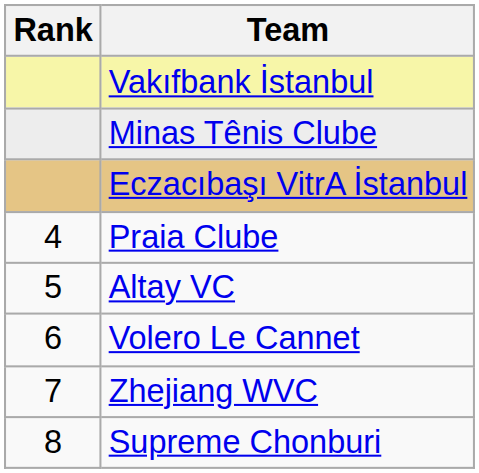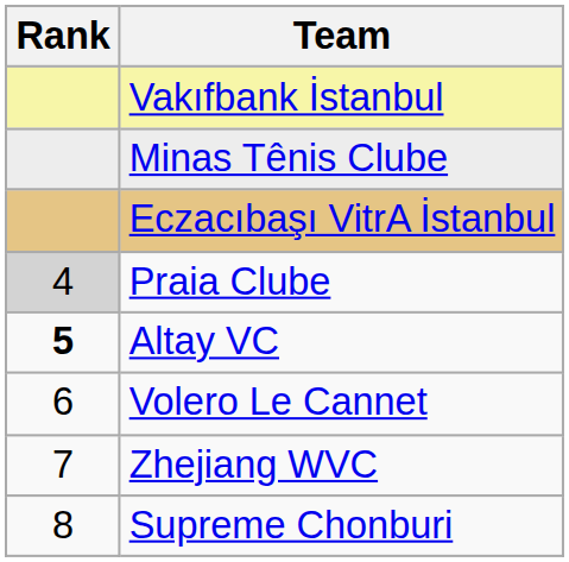 <table class="wikitable" style="text-align: center;">
 <tr>
 <th width=40>Rank</th>
 <th>Team</th>
 </tr>
 <tr bgcolor=f7f6a8>
 <td></td>
 <td align=left> <a href='#'>Vakıfbank İstanbul</a></td>
 </tr>
 <tr bgcolor=ededed>
 <td></td>
 <td align=left> <a href='#'>Minas Tênis Clube</a></td>
 </tr>
 <tr bgcolor=e5c585>
 <td></td>
 <td align=left> <a href='#'>Eczacıbaşı VitrA İstanbul</a></td>
 </tr>
 <tr>
-<td>4</td>
+<td style="background: lightgrey;">4</td>
 <td align=left> <a href='#'>Praia Clube</a></td>
 </tr>
 <tr>
-<td>5</td>
+<td><strong>5</strong></td>
 <td align=left> <a href='#'>Altay VC</a></td>
 </tr>
 <tr>
 <td>6</td>
 <td align=left> <a href='#'>Volero Le Cannet</a></td>
 </tr>
 <tr>
 <td>7</td>
 <td align=left> <a href='#'>Zhejiang WVC</a></td>
 </tr>
 <tr>
 <td>8</td>
 <td align=left> <a href='#'>Supreme Chonburi</a></td>
 </tr>
 </table>
